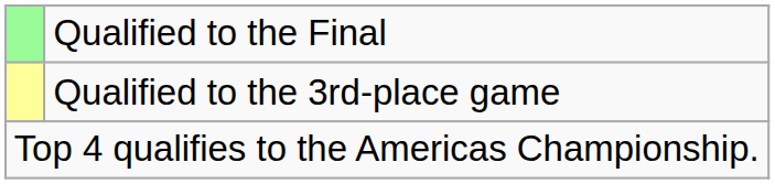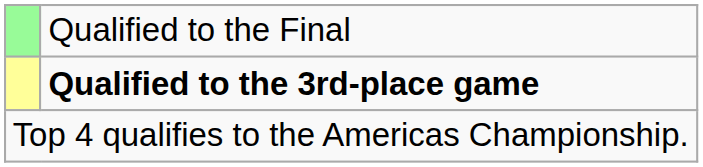 <table class="wikitable">
 <tr>
 <td width=10px bgcolor="#98fb98"></td>
 <td>Qualified to the Final</td>
 </tr>
 <tr>
 <td width=10px bgcolor="#FFFF99"></td>
-<td>Qualified to the 3rd-place game</td>
+<td><strong>Qualified to the 3rd-place game</strong></td>
 </tr>
 <tr>
 <td colspan=2>Top 4 qualifies to the Americas Championship.</td>
 </tr>
 </table>
